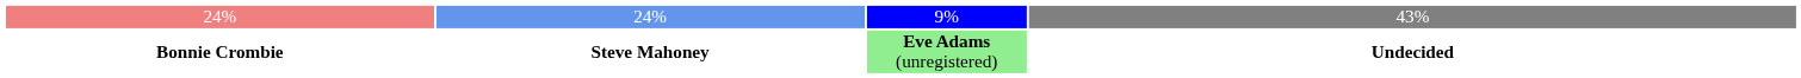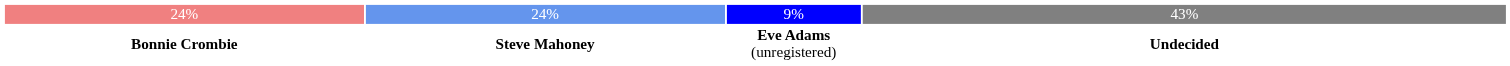 <table style="width:100%; text-align:center;">
 <tr style="color:white;">
 <td style="background:lightcoral; width:24%;">24%</td>
 <td style="background:cornflowerblue; width:24%;">24%</td>
 <td style="background:blue; width:9%;">9%</td>
 <td style="background:gray; width:43%;">43%</td>
 </tr>
 <tr>
 <td><span><strong>Bonnie Crombie</strong></span></td>
 <td><span><strong>Steve Mahoney</strong></span></td>
-<td style="background: lightgreen;"><span><strong>Eve Adams</strong> (unregistered)</span></td>
+<td><span><strong>Eve Adams</strong> (unregistered)</span></td>
 <td><span><strong>Undecided</strong></span></td>
 </tr>
 </table>
